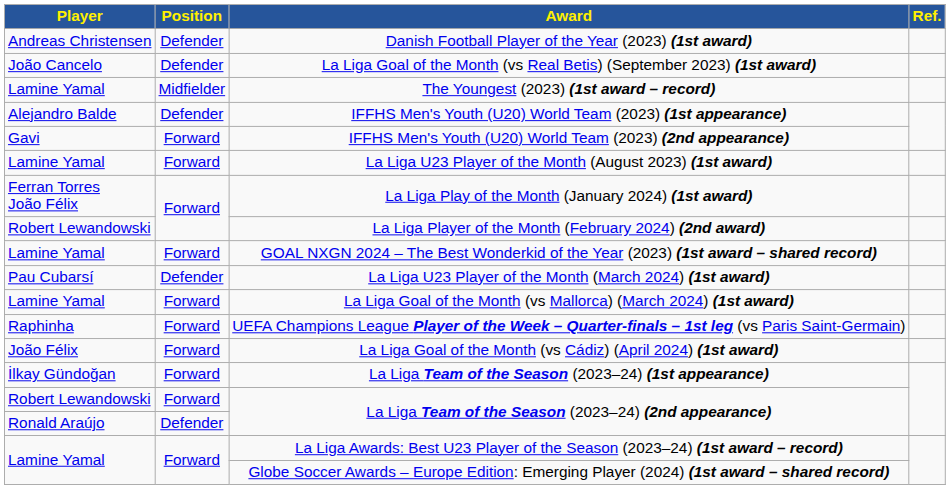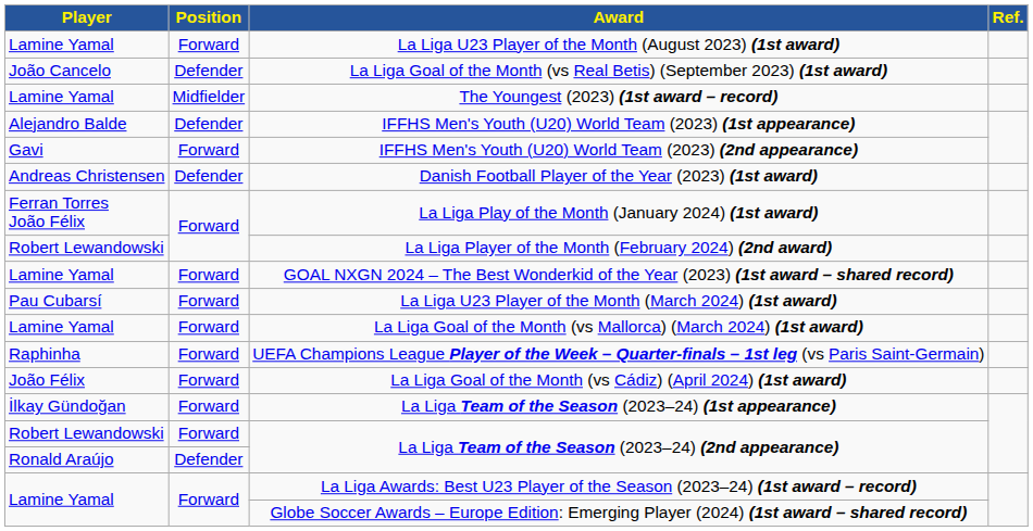 <table class="wikitable">
 <tr>
 <th style="background:#26559B;color:#FFF000;">Player</th>
 <th style="background:#26559B;color:#FFF000;">Position</th>
 <th style="background:#26559B;color:#FFF000;">Award</th>
 <th style="background:#26559B;color:#FFF000;">Ref.</th>
 </tr>
 <tr>
-<td> <a href='#'>Andreas Christensen</a></td>
-<td style="text-align:center"><a href='#'>Defender</a></td>
-<td style="text-align:center"><a href='#'>Danish Football Player of the Year</a> (2023) <strong><em>(1st award)</em></strong></td>
+<td> <a href='#'>Lamine Yamal</a></td>
+<td style="text-align:center"><a href='#'>Forward</a></td>
+<td style="text-align:center"><a href='#'>La Liga U23 Player of the Month</a> (August 2023) <strong><em>(1st award)</em></strong></td>
 <td style="text-align:center"></td>
 </tr>
 <tr>
 <td> <a href='#'>João Cancelo</a></td>
 <td style="text-align:center"><a href='#'>Defender</a></td>
 <td style="text-align:center"><a href='#'>La Liga Goal of the Month</a> (vs <a href='#'>Real Betis</a>) (September 2023) <strong><em>(1st award)</em></strong></td>
 <td style="text-align:center"></td>
 </tr>
 <tr>
 <td> <a href='#'>Lamine Yamal</a></td>
 <td style="text-align:center"><a href='#'>Midfielder</a></td>
 <td style="text-align:center"><a href='#'>The Youngest</a> (2023) <strong><em>(1st award – record)</em></strong></td>
 <td style="text-align:center"></td>
 </tr>
 <tr>
 <td> <a href='#'>Alejandro Balde</a></td>
 <td style="text-align:center"><a href='#'>Defender</a></td>
 <td style="text-align:center"><a href='#'>IFFHS Men's Youth (U20) World Team</a> (2023) <strong><em>(1st appearance)</em></strong></td>
 <td rowspan="2" style="text-align:center"></td>
 </tr>
 <tr>
 <td> <a href='#'>Gavi</a></td>
 <td style="text-align:center"><a href='#'>Forward</a></td>
 <td style="text-align:center"><a href='#'>IFFHS Men's Youth (U20) World Team</a> (2023) <strong><em>(2nd appearance)</em></strong></td>
 </tr>
 <tr>
-<td> <a href='#'>Lamine Yamal</a></td>
-<td style="text-align:center"><a href='#'>Forward</a></td>
-<td style="text-align:center"><a href='#'>La Liga U23 Player of the Month</a> (August 2023) <strong><em>(1st award)</em></strong></td>
+<td> <a href='#'>Andreas Christensen</a></td>
+<td style="text-align:center"><a href='#'>Defender</a></td>
+<td style="text-align:center"><a href='#'>Danish Football Player of the Year</a> (2023) <strong><em>(1st award)</em></strong></td>
 <td style="text-align:center"></td>
 </tr>
 <tr>
 <td> <a href='#'>Ferran Torres</a><br> <a href='#'>João Félix</a></td>
 <td rowspan=2 style="text-align:center"><a href='#'>Forward</a></td>
 <td style="text-align:center"><a href='#'>La Liga Play of the Month</a> (January 2024) <strong><em>(1st award)</em></strong></td>
 <td style="text-align:center"></td>
 </tr>
 <tr>
 <td> <a href='#'>Robert Lewandowski</a></td>
 <td style="text-align:center"><a href='#'>La Liga Player of the Month</a> (<a href='#'>February 2024</a>) <strong><em>(2nd award)</em></strong></td>
 <td style="text-align:center"></td>
 </tr>
 <tr>
 <td> <a href='#'>Lamine Yamal</a></td>
 <td style="text-align:center"><a href='#'>Forward</a></td>
 <td style="text-align:center"><a href='#'>GOAL NXGN 2024 – The Best Wonderkid of the Year</a> (2023) <strong><em>(1st award – shared record)</em></strong></td>
 <td style="text-align:center"></td>
 </tr>
 <tr>
 <td> <a href='#'>Pau Cubarsí</a></td>
-<td style="text-align:center"><a href='#'>Defender</a></td>
+<td style="text-align:center"><a href='#'>Forward</a></td>
 <td style="text-align:center"><a href='#'>La Liga U23 Player of the Month</a> (<a href='#'>March 2024</a>) <strong><em>(1st award)</em></strong></td>
 <td style="text-align:center"></td>
 </tr>
 <tr>
 <td> <a href='#'>Lamine Yamal</a></td>
 <td style="text-align:center"><a href='#'>Forward</a></td>
 <td style="text-align:center"><a href='#'>La Liga Goal of the Month</a> (vs <a href='#'>Mallorca</a>) (<a href='#'>March 2024</a>) <strong><em>(1st award)</em></strong></td>
 <td style="text-align:center"></td>
 </tr>
 <tr>
 <td> <a href='#'>Raphinha</a></td>
 <td style="text-align:center"><a href='#'>Forward</a></td>
 <td style="text-align:center"><a href='#'>UEFA Champions League <strong><em>Player of the Week – Quarter-finals – 1st leg</em></strong></a> (vs <a href='#'>Paris Saint-Germain</a>)</td>
 <td style="text-align:center"></td>
 </tr>
 <tr>
 <td> <a href='#'>João Félix</a></td>
 <td style="text-align:center"><a href='#'>Forward</a></td>
 <td style="text-align:center"><a href='#'>La Liga Goal of the Month</a> (vs <a href='#'>Cádiz</a>) (<a href='#'>April 2024</a>) <strong><em>(1st award)</em></strong></td>
 <td style="text-align:center"></td>
 </tr>
 <tr>
 <td> <a href='#'>İlkay Gündoğan</a></td>
 <td align="center"><a href='#'>Forward</a></td>
 <td align="center"><a href='#'>La Liga <strong><em>Team of the Season</em></strong></a> (2023–24) <strong><em>(1st appearance)</em></strong></td>
 <td align="center"; rowspan=3></td>
 </tr>
 <tr>
 <td> <a href='#'>Robert Lewandowski</a></td>
 <td align="center"><a href='#'>Forward</a></td>
 <td align="center"; rowspan=2><a href='#'>La Liga <strong><em>Team of the Season</em></strong></a> (2023–24) <strong><em>(2nd appearance)</em></strong></td>
 </tr>
 <tr>
 <td> <a href='#'>Ronald Araújo</a></td>
 <td align="center"><a href='#'>Defender</a></td>
 </tr>
 <tr>
 <td rowspan=2> <a href='#'>Lamine Yamal</a></td>
 <td align="center"; rowspan=2><a href='#'>Forward</a></td>
 <td align="center"><a href='#'>La Liga Awards: Best U23 Player of the Season</a> (2023–24) <strong><em>(1st award – record)</em></strong></td>
 <td align="center"; rowspan=2></td>
 </tr>
 <tr>
 <td align="center"><a href='#'>Globe Soccer Awards – Europe Edition</a>: Emerging Player (2024) <strong><em>(1st award – shared record)</em></strong></td>
 </tr>
 </table>
